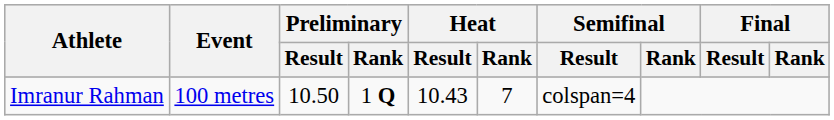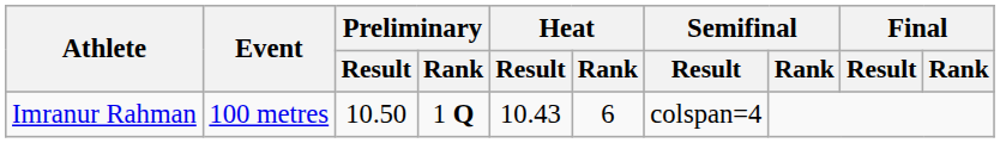 <table class="wikitable" style="font-size:90%">
 <tr>
 <th rowspan="2">Athlete</th>
 <th rowspan="2">Event</th>
 <th colspan="2">Preliminary</th>
 <th colspan="2">Heat</th>
 <th colspan="2">Semifinal</th>
 <th colspan="2">Final</th>
 </tr>
 <tr style="font-size:95%">
 <th>Result</th>
 <th>Rank</th>
 <th>Result</th>
 <th>Rank</th>
 <th>Result</th>
 <th>Rank</th>
 <th>Result</th>
 <th>Rank</th>
 </tr>
 <tr align=center>
 <td align=left><a href='#'>Imranur Rahman</a></td>
 <td align=left><a href='#'>100 metres</a></td>
 <td>10.50</td>
 <td>1 <strong>Q</strong></td>
 <td>10.43</td>
-<td>7</td>
+<td>6</td>
 <td>colspan=4 </td>
 </tr>
 </table>
